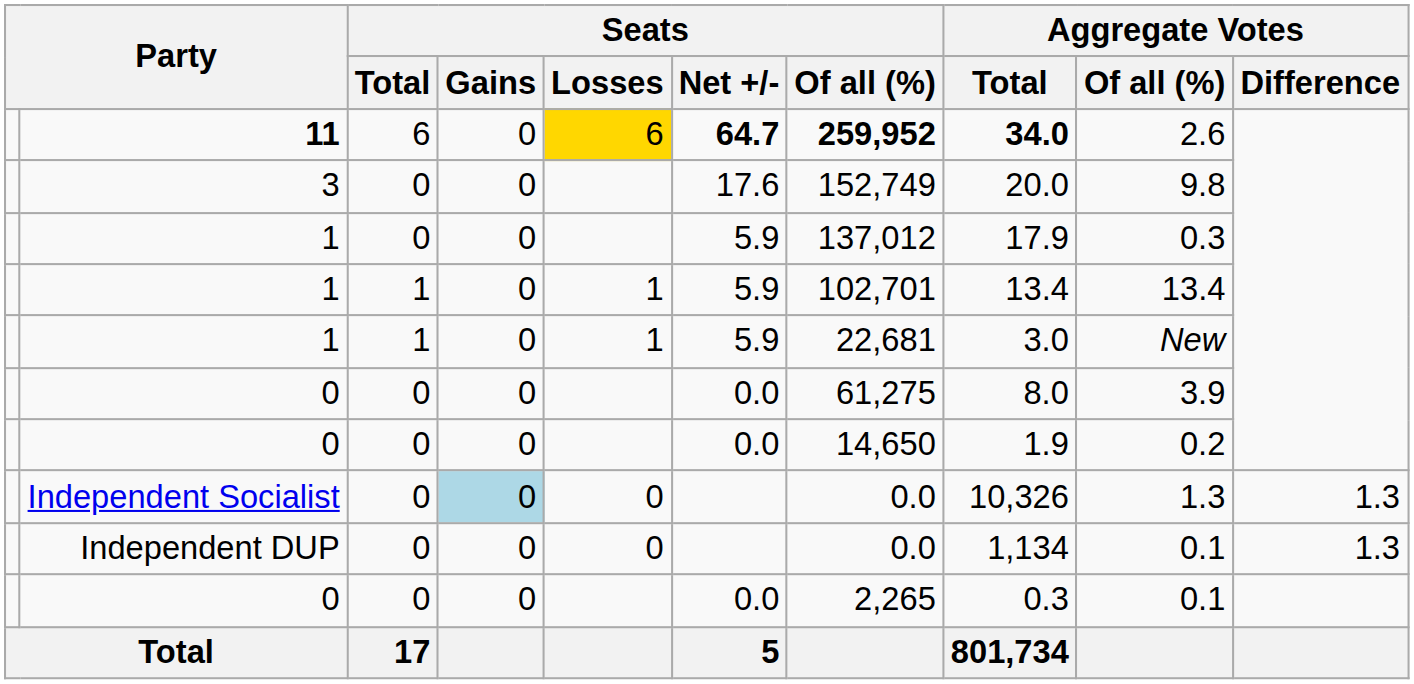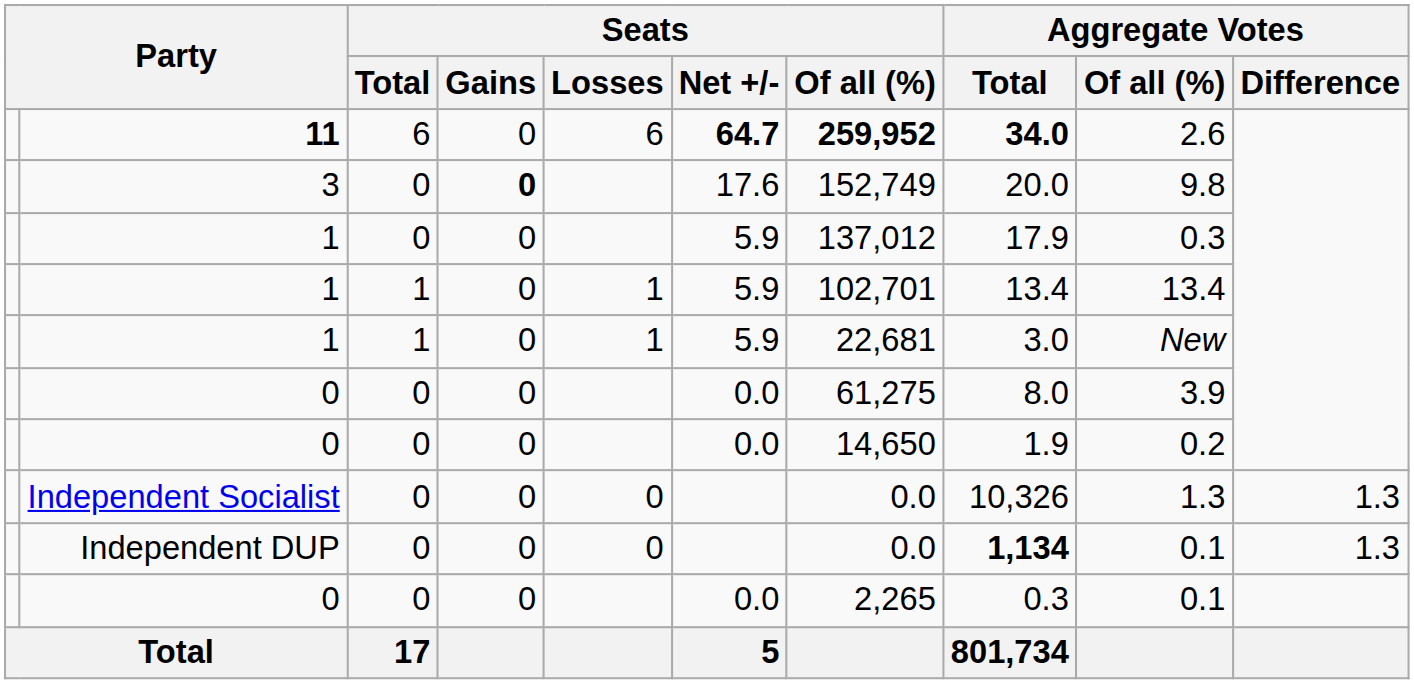 <table class="wikitable sortable" style="text-align:right;">
 <tr>
 <th colspan="2" rowspan="2">Party</th>
 <th colspan="5">Seats</th>
 <th colspan="3">Aggregate Votes</th>
 </tr>
 <tr>
 <th>Total</th>
 <th>Gains</th>
 <th>Losses</th>
 <th>Net +/-</th>
 <th>Of all (%)</th>
 <th>Total</th>
 <th>Of all (%)</th>
 <th>Difference</th>
 </tr>
 <tr>
 <td></td>
 <td><strong>11</strong></td>
 <td>6</td>
 <td>0</td>
-<td style="background: gold;">6</td>
+<td>6</td>
 <td><strong>64.7</strong></td>
 <td><strong>259,952</strong></td>
 <td><strong>34.0</strong></td>
 <td>2.6</td>
 </tr>
 <tr>
 <td></td>
 <td>3</td>
 <td>0</td>
-<td>0</td>
+<td><strong>0</strong></td>
 <td></td>
 <td>17.6</td>
 <td>152,749</td>
 <td>20.0</td>
 <td>9.8</td>
 </tr>
 <tr>
 <td></td>
 <td>1</td>
 <td>0</td>
 <td>0</td>
 <td></td>
 <td>5.9</td>
 <td>137,012</td>
 <td>17.9</td>
 <td>0.3</td>
 </tr>
 <tr>
 <td></td>
 <td>1</td>
 <td>1</td>
 <td>0</td>
 <td>1</td>
 <td>5.9</td>
 <td>102,701</td>
 <td>13.4</td>
 <td>13.4</td>
 </tr>
 <tr>
 <td></td>
 <td>1</td>
 <td>1</td>
 <td>0</td>
 <td>1</td>
 <td>5.9</td>
 <td>22,681</td>
 <td>3.0</td>
 <td><em>New</em></td>
 </tr>
 <tr>
 <td></td>
 <td>0</td>
 <td>0</td>
 <td>0</td>
 <td></td>
 <td>0.0</td>
 <td>61,275</td>
 <td>8.0</td>
 <td>3.9</td>
 </tr>
 <tr>
 <td></td>
 <td>0</td>
 <td>0</td>
 <td>0</td>
 <td></td>
 <td>0.0</td>
 <td>14,650</td>
 <td>1.9</td>
 <td>0.2</td>
 </tr>
 <tr>
 <td></td>
 <td><a href='#'>Independent Socialist</a></td>
 <td>0</td>
-<td style="background: lightblue;">0</td>
+<td>0</td>
 <td>0</td>
 <td></td>
 <td>0.0</td>
 <td>10,326</td>
 <td>1.3</td>
 <td>1.3</td>
 </tr>
 <tr>
 <td></td>
 <td>Independent DUP</td>
 <td>0</td>
 <td>0</td>
 <td>0</td>
 <td></td>
 <td>0.0</td>
-<td>1,134</td>
+<td><strong>1,134</strong></td>
 <td>0.1</td>
 <td>1.3</td>
 </tr>
 <tr>
 <td></td>
 <td>0</td>
 <td>0</td>
 <td>0</td>
 <td></td>
 <td>0.0</td>
 <td>2,265</td>
 <td>0.3</td>
 <td>0.1</td>
 </tr>
 <tr class="sortbottom">
 <th colspan="2" style="background:#f2f2f2"><strong>Total</strong></th>
 <td style="background:#f2f2f2;"><strong>17</strong></td>
 <td style="background:#f2f2f2;"></td>
 <td style="background:#f2f2f2;"></td>
 <td style="background:#f2f2f2;"><strong> 5</strong></td>
 <td style="background:#f2f2f2;"></td>
 <td style="background:#f2f2f2;"><strong>801,734</strong></td>
 <td style="background:#f2f2f2;"></td>
 <td style="background:#f2f2f2;"></td>
 </tr>
 </table>
